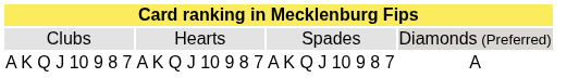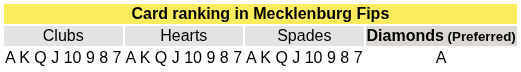 <table style="wikitable" style="float: middle; background: #c0c0c0; margin-left: 1em; border-spacing: 1px;">
 <tr align="center">
 <td style="background: #FBEC5D;" colspan="4"><strong>Card ranking in Mecklenburg Fips</strong></td>
 </tr>
 <tr align="center">
 <td style="background: #e3e3e3;">Clubs</td>
 <td style="background: #e3e3e3;">Hearts</td>
 <td style="background: #e3e3e3;">Spades</td>
-<td style="background: #DBD7D2;">Diamonds<small> (Preferred)</small></td>
+<td style="background: #DBD7D2;"><strong>Diamonds<small> (Preferred)</small></strong></td>
 </tr>
 <tr align="center">
 <td style="background: #ffffff;">A K  Q J 10 9 8 7</td>
 <td style="background: #ffffff;">A K Q J 10 9 8 7</td>
 <td style="background: #ffffff;">A K Q J 10 9 8 7</td>
 <td style="background: #ffffff;">A</td>
 </tr>
 </table>
